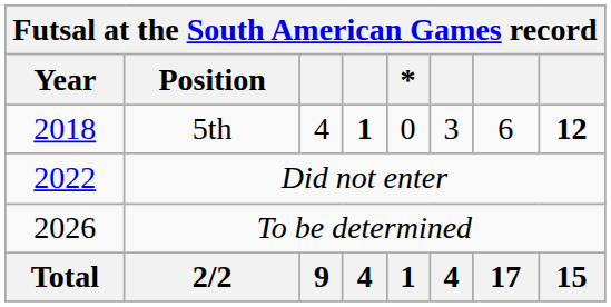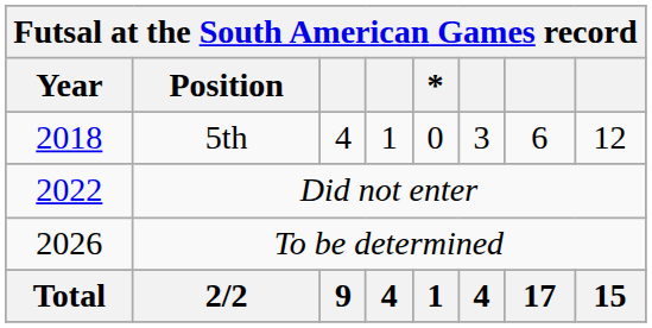 <table class="wikitable" style="text-align: center;">
 <tr>
 <th colspan="8">Futsal at the <a href='#'>South American Games</a> record</th>
 </tr>
 <tr>
 <th>Year</th>
 <th>Position</th>
 <th></th>
 <th></th>
 <th>*</th>
 <th></th>
 <th></th>
 <th></th>
 </tr>
 <tr>
 <td> <a href='#'>2018</a></td>
 <td>5th</td>
 <td>4</td>
-<td><strong>1</strong></td>
+<td>1</td>
 <td>0</td>
 <td>3</td>
 <td>6</td>
-<td><strong>12</strong></td>
+<td>12</td>
 </tr>
 <tr>
 <td> <a href='#'>2022</a></td>
 <td colspan=7><em>Did not enter</em></td>
 </tr>
 <tr>
 <td> 2026</td>
 <td colspan="7"><em>To be determined</em></td>
 </tr>
 <tr>
 <th>Total</th>
 <th>2/2</th>
 <th>9</th>
 <th>4</th>
 <th>1</th>
 <th>4</th>
 <th>17</th>
 <th>15</th>
 </tr>
 </table>
